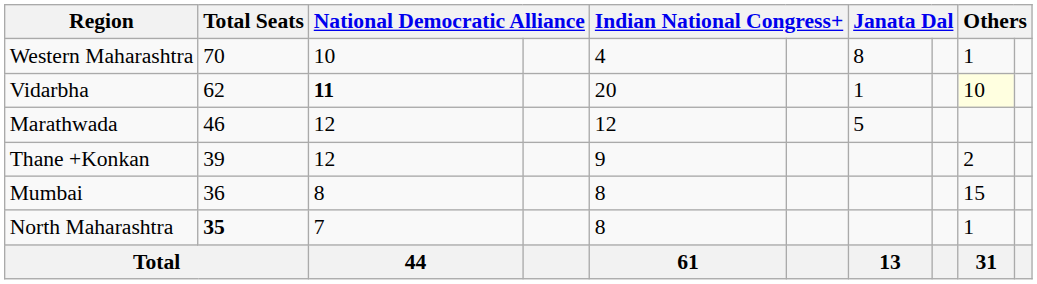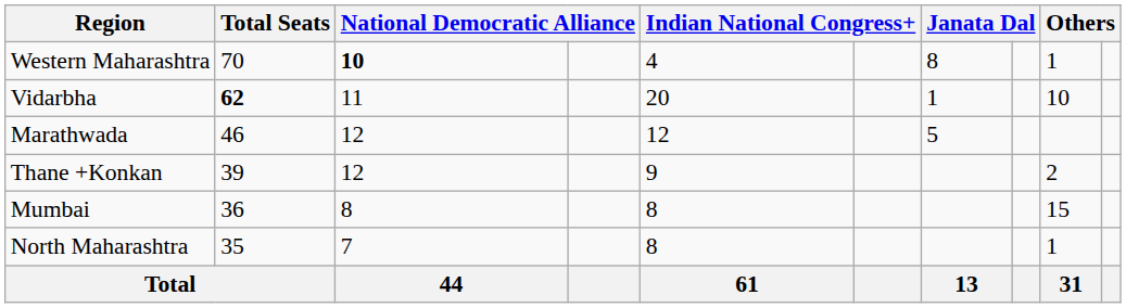 <table class="wikitable sortable">
 <tr>
 <th>Region</th>
 <th>Total Seats</th>
 <th colspan="2"><a href='#'>National Democratic Alliance</a></th>
 <th colspan="2"><a href='#'>Indian National Congress+</a></th>
 <th colspan="2"><a href='#'>Janata Dal</a></th>
 <th colspan="2">Others</th>
 </tr>
 <tr>
 <td>Western Maharashtra</td>
 <td>70</td>
-<td> 10</td>
+<td><strong> 10</strong></td>
 <td></td>
 <td> 4</td>
 <td></td>
 <td> 8</td>
 <td></td>
 <td> 1</td>
 <td></td>
 </tr>
 <tr>
 <td>Vidarbha</td>
-<td>62</td>
-<td><strong> 11</strong></td>
+<td><strong>62</strong></td>
+<td> 11</td>
 <td></td>
 <td> 20</td>
 <td></td>
 <td> 1</td>
 <td></td>
-<td style="background: lightyellow;"> 10</td>
+<td> 10</td>
 <td></td>
 </tr>
 <tr>
 <td>Marathwada</td>
 <td>46</td>
 <td> 12</td>
 <td></td>
 <td> 12</td>
 <td></td>
 <td> 5</td>
 <td></td>
 <td></td>
 <td></td>
 </tr>
 <tr>
 <td>Thane +Konkan</td>
 <td>39</td>
 <td> 12</td>
 <td></td>
 <td> 9</td>
 <td></td>
 <td></td>
 <td></td>
 <td> 2</td>
 <td></td>
 </tr>
 <tr>
 <td>Mumbai</td>
 <td>36</td>
 <td> 8</td>
 <td></td>
 <td> 8</td>
 <td></td>
 <td></td>
 <td></td>
 <td> 15</td>
 <td></td>
 </tr>
 <tr>
 <td>North Maharashtra</td>
-<td><strong>35</strong></td>
+<td>35</td>
 <td> 7</td>
 <td></td>
 <td> 8</td>
 <td></td>
 <td></td>
 <td></td>
 <td> 1</td>
 <td></td>
 </tr>
 <tr>
 <th colspan="2">Total</th>
 <th> 44</th>
 <th></th>
 <th> 61</th>
 <th></th>
 <th> 13</th>
 <th></th>
 <th> 31</th>
 <th></th>
 </tr>
 </table>
